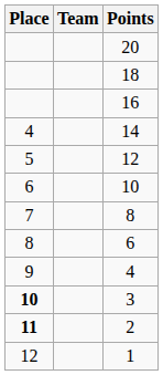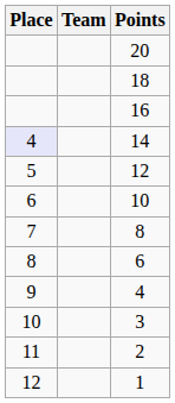 <table class="wikitable" style="text-align:center; padding-bottom:0;">
 <tr>
 <th>Place</th>
 <th style="text-align:left;">Team</th>
 <th>Points</th>
 </tr>
 <tr>
 <td></td>
 <td align=left></td>
 <td>20</td>
 </tr>
 <tr>
 <td></td>
 <td align=left></td>
 <td>18</td>
 </tr>
 <tr>
 <td></td>
 <td align=left></td>
 <td>16</td>
 </tr>
 <tr>
-<td>4</td>
+<td style="background: lavender;">4</td>
 <td align=left></td>
 <td>14</td>
 </tr>
 <tr>
 <td>5</td>
 <td align=left></td>
 <td>12</td>
 </tr>
 <tr>
 <td>6</td>
 <td align=left></td>
 <td>10</td>
 </tr>
 <tr>
 <td>7</td>
 <td align=left></td>
 <td>8</td>
 </tr>
 <tr>
 <td>8</td>
 <td align=left></td>
 <td>6</td>
 </tr>
 <tr>
 <td>9</td>
 <td align=left></td>
 <td>4</td>
 </tr>
 <tr>
-<td><strong>10</strong></td>
+<td>10</td>
 <td align=left></td>
 <td>3</td>
 </tr>
 <tr>
-<td><strong>11</strong></td>
+<td>11</td>
 <td align=left></td>
 <td>2</td>
 </tr>
 <tr>
 <td>12</td>
 <td align=left></td>
 <td>1</td>
 </tr>
 <tr>
 </tr>
 </table>
